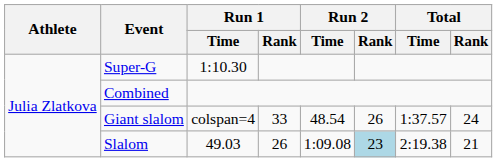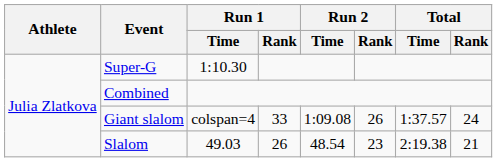 <table class="wikitable" style="font-size:90%">
 <tr>
 <th rowspan=2>Athlete</th>
 <th rowspan=2>Event</th>
 <th colspan=2>Run 1</th>
 <th colspan=2>Run 2</th>
 <th colspan=2>Total</th>
 </tr>
 <tr style="font-size:95%">
 <th>Time</th>
 <th>Rank</th>
 <th>Time</th>
 <th>Rank</th>
 <th>Time</th>
 <th>Rank</th>
 </tr>
 <tr align=center>
 <td align="left" rowspan="4"><a href='#'>Julia Zlatkova</a></td>
 <td align="left"><a href='#'>Super-G</a></td>
 <td>1:10.30</td>
 <td colspan=2></td>
 </tr>
 <tr align=center>
 <td align="left"><a href='#'>Combined</a></td>
 <td colspan=6></td>
 </tr>
 <tr align=center>
 <td align="left"><a href='#'>Giant slalom</a></td>
 <td>colspan=4</td>
 <td>33</td>
-<td>48.54</td>
+<td>1:09.08</td>
 <td>26</td>
 <td>1:37.57</td>
 <td>24</td>
 </tr>
 <tr align=center>
 <td align="left"><a href='#'>Slalom</a></td>
 <td>49.03</td>
 <td>26</td>
-<td>1:09.08</td>
-<td style="background: lightblue;">23</td>
+<td>48.54</td>
+<td>23</td>
 <td>2:19.38</td>
 <td>21</td>
 </tr>
 </table>
